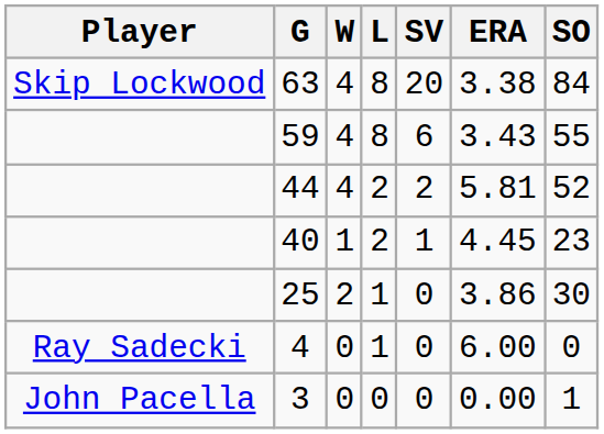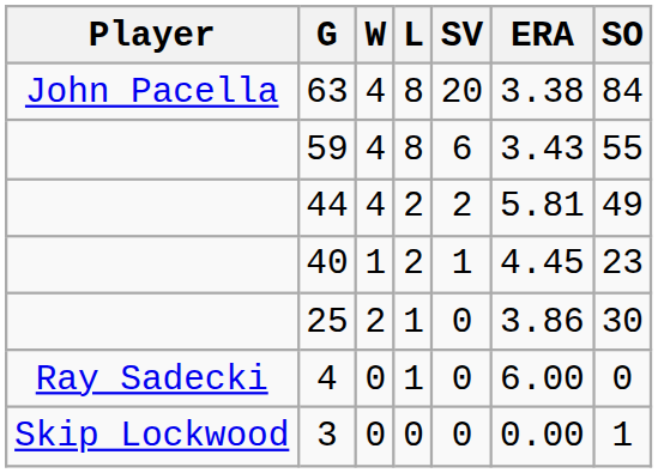 <table class="wikitable sortable">
 <tr>
 <th>Player</th>
 <th>G</th>
 <th>W</th>
 <th>L</th>
 <th>SV</th>
 <th>ERA</th>
 <th>SO</th>
 </tr>
 <tr style="text-align:center;">
-<td><a href='#'>Skip Lockwood</a></td>
+<td><a href='#'>John Pacella</a></td>
 <td>63</td>
 <td>4</td>
 <td>8</td>
 <td>20</td>
 <td>3.38</td>
 <td>84</td>
 </tr>
 <tr align=center>
 <td></td>
 <td>59</td>
 <td>4</td>
 <td>8</td>
 <td>6</td>
 <td>3.43</td>
 <td>55</td>
 </tr>
 <tr style="text-align:center;">
 <td></td>
 <td>44</td>
 <td>4</td>
 <td>2</td>
 <td>2</td>
 <td>5.81</td>
-<td>52</td>
+<td>49</td>
 </tr>
 <tr style="text-align:center;">
 <td></td>
 <td>40</td>
 <td>1</td>
 <td>2</td>
 <td>1</td>
 <td>4.45</td>
 <td>23</td>
 </tr>
 <tr style="text-align:center;">
 <td></td>
 <td>25</td>
 <td>2</td>
 <td>1</td>
 <td>0</td>
 <td>3.86</td>
 <td>30</td>
 </tr>
 <tr align=center>
 <td><a href='#'>Ray Sadecki</a></td>
 <td>4</td>
 <td>0</td>
 <td>1</td>
 <td>0</td>
 <td>6.00</td>
 <td>0</td>
 </tr>
 <tr align=center>
-<td><a href='#'>John Pacella</a></td>
+<td><a href='#'>Skip Lockwood</a></td>
 <td>3</td>
 <td>0</td>
 <td>0</td>
 <td>0</td>
 <td>0.00</td>
 <td>1</td>
 </tr>
 </table>
